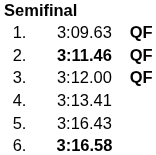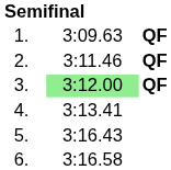 <table style="text-align:center">
 <tr>
 <td colspan=4 align=left><strong>Semifinal</strong></td>
 </tr>
 <tr>
 <td width=30>1.</td>
 <td align=left></td>
 <td width=80>3:09.63</td>
 <td><strong>QF</strong></td>
 </tr>
 <tr>
 <td>2.</td>
 <td align=left></td>
-<td><strong>3:11.46</strong></td>
+<td>3:11.46</td>
 <td><strong>QF</strong></td>
 </tr>
 <tr>
 <td>3.</td>
 <td align=left></td>
-<td>3:12.00</td>
+<td style="background: lightgreen;">3:12.00</td>
 <td><strong>QF</strong></td>
 </tr>
 <tr>
 <td>4.</td>
 <td align=left></td>
 <td>3:13.41</td>
 <td></td>
 </tr>
 <tr>
 <td>5.</td>
 <td align=left></td>
 <td>3:16.43</td>
 <td></td>
 </tr>
 <tr>
 <td>6.</td>
 <td align=left></td>
-<td><strong>3:16.58</strong></td>
+<td>3:16.58</td>
 <td></td>
 </tr>
 </table>
